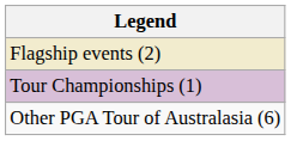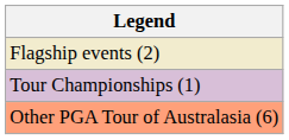 <table class="wikitable" style="font-size:95%;">
 <tr>
 <th>Legend</th>
 </tr>
 <tr style="background:#f2ecce;">
 <td>Flagship events (2)</td>
 </tr>
 <tr style="background:thistle;">
 <td>Tour Championships (1)</td>
 </tr>
 <tr>
-<td>Other PGA Tour of Australasia (6)</td>
+<td style="background: lightsalmon;">Other PGA Tour of Australasia (6)</td>
 </tr>
 </table>
